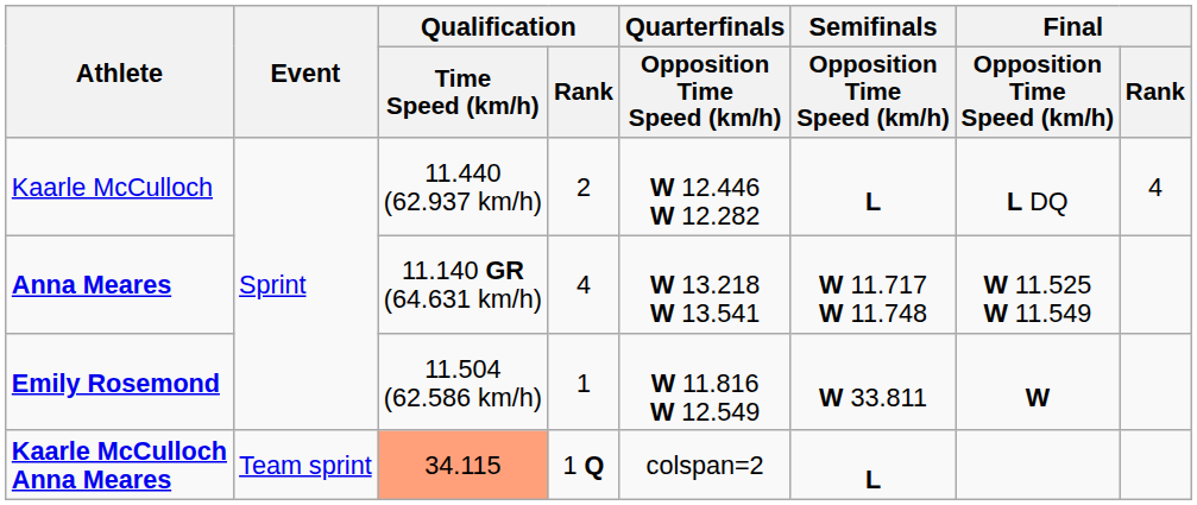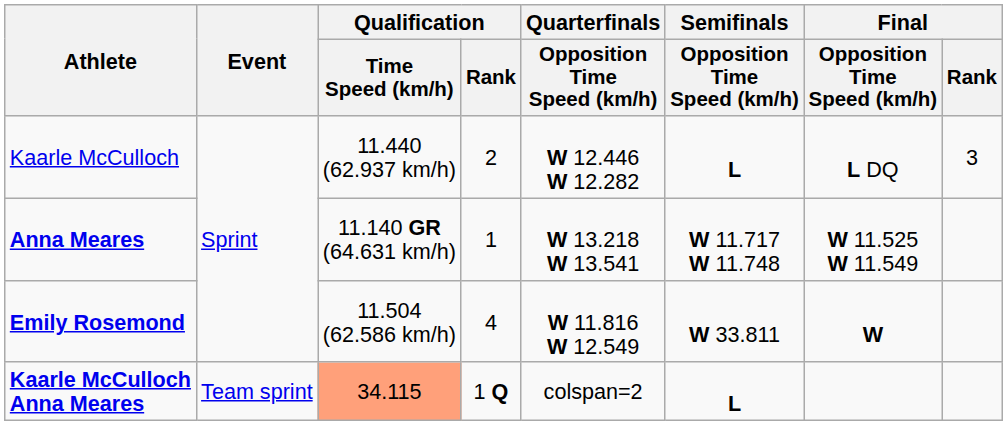 <table class="wikitable" style="font-size:90%">
 <tr>
 <th rowspan="2">Athlete</th>
 <th rowspan="2">Event</th>
 <th colspan=2>Qualification</th>
 <th>Quarterfinals</th>
 <th>Semifinals</th>
 <th colspan=2>Final</th>
 </tr>
 <tr style="font-size:95%">
 <th>Time<br>Speed (km/h)</th>
 <th>Rank</th>
 <th>Opposition<br>Time<br>Speed (km/h)</th>
 <th>Opposition<br>Time<br>Speed (km/h)</th>
 <th>Opposition<br>Time<br>Speed (km/h)</th>
 <th>Rank</th>
 </tr>
 <tr align=center>
 <td align=left><a href='#'>Kaarle McCulloch</a></td>
 <td align=left rowspan=3><a href='#'>Sprint</a></td>
 <td>11.440<br>(62.937 km/h)</td>
 <td>2</td>
 <td><br><strong>W</strong> 12.446<br><strong>W</strong> 12.282</td>
 <td><br><strong>L</strong></td>
 <td><br><strong>L</strong> DQ</td>
-<td>4</td>
+<td>3</td>
 </tr>
 <tr align=center>
 <td align=left><strong><a href='#'>Anna Meares</a></strong></td>
 <td>11.140 <strong>GR</strong><br>(64.631 km/h)</td>
-<td>4</td>
+<td>1</td>
 <td><br><strong>W</strong> 13.218<br><strong>W</strong> 13.541</td>
 <td><br><strong>W</strong> 11.717<br><strong>W</strong> 11.748</td>
 <td><br><strong>W</strong> 11.525<br><strong>W</strong> 11.549</td>
 <td></td>
 </tr>
 <tr align=center>
 <td align=left><strong><a href='#'>Emily Rosemond</a></strong></td>
 <td>11.504<br>(62.586 km/h)</td>
-<td>1</td>
+<td>4</td>
 <td><br><strong>W</strong> 11.816<br><strong>W</strong> 12.549</td>
 <td><br><strong>W</strong> 33.811</td>
 <td><br><strong>W</strong></td>
 <td></td>
 </tr>
 <tr align=center>
 <td align=left><strong><a href='#'>Kaarle McCulloch</a><br><a href='#'>Anna Meares</a></strong></td>
 <td align=left><a href='#'>Team sprint</a></td>
 <td style="background: lightsalmon;">34.115</td>
 <td>1 <strong>Q</strong></td>
 <td>colspan=2 </td>
 <td><br><strong>L</strong></td>
 <td></td>
 </tr>
 </table>
